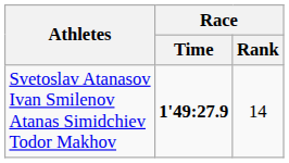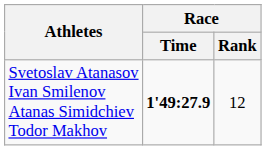 <table class="wikitable" border="1" style="font-size:90%">
 <tr>
 <th rowspan=2>Athletes</th>
 <th colspan=2>Race</th>
 </tr>
 <tr>
 <th>Time</th>
 <th>Rank</th>
 </tr>
 <tr>
 <td><a href='#'>Svetoslav Atanasov</a><br><a href='#'>Ivan Smilenov</a><br><a href='#'>Atanas Simidchiev</a><br><a href='#'>Todor Makhov</a></td>
 <td align=center><strong>1'49:27.9</strong></td>
-<td align=center>14</td>
+<td align=center>12</td>
 </tr>
 </table>
